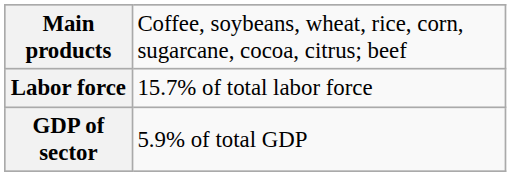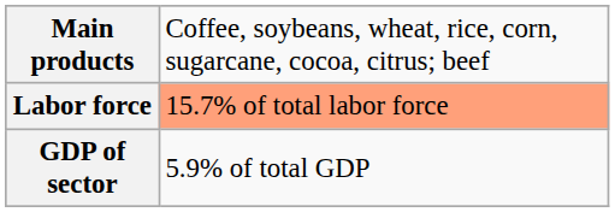 <table style="toc: 25em; font-size: 85%; lucida grande, sans-serif; text-align: left; max-width:22em" class="wikitable floatright plainrowheaders">
 <tr>
 <th scope="row">Main products</th>
 <td>Coffee, soybeans, wheat, rice, corn, sugarcane, cocoa, citrus; beef</td>
 </tr>
 <tr>
 <th scope="row">Labor force</th>
-<td>15.7% of total labor force</td>
+<td style="background: lightsalmon;">15.7% of total labor force</td>
 </tr>
 <tr>
 <th scope="row">GDP of sector</th>
 <td>5.9% of total GDP</td>
 </tr>
 </table>
